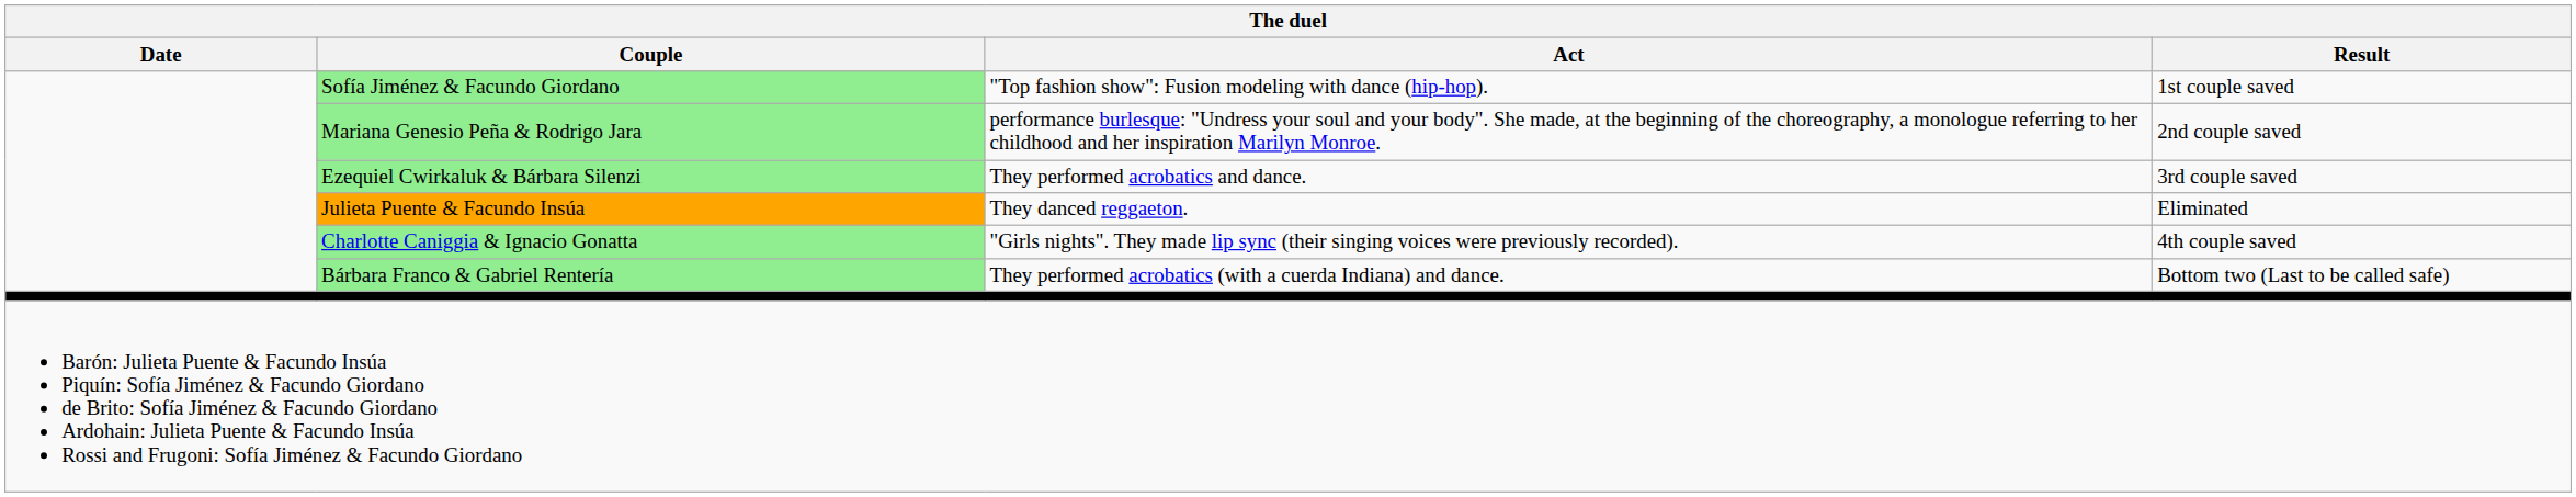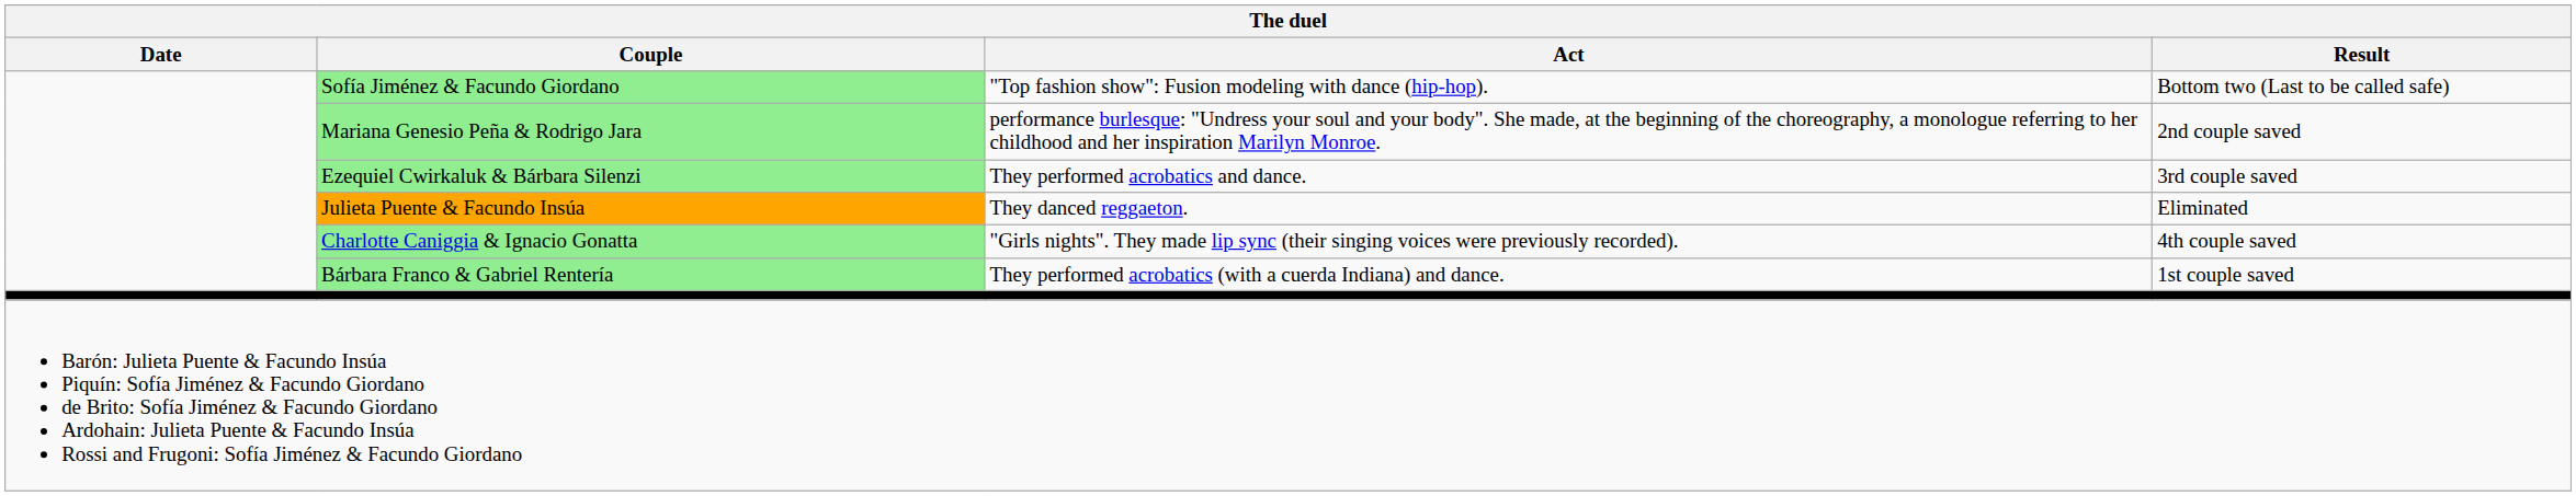 <table class="wikitable collapsible collapsed" style="text-align: align; width: 100%">
 <tr>
 <th colspan="11" style="with: 100%" align="center">The duel</th>
 </tr>
 <tr>
 <th width=80>Date</th>
 <th width=180>Couple</th>
 <th width=320>Act</th>
 <th width=110>Result</th>
 </tr>
 <tr>
 <td rowspan="6"></td>
 <td bgcolor="lightgreen">Sofía Jiménez & Facundo Giordano</td>
 <td>"Top fashion show": Fusion modeling with dance (<a href='#'>hip-hop</a>).<br></td>
-<td>1st couple saved</td>
+<td>Bottom two (Last to be called safe)</td>
 </tr>
 <tr>
 <td bgcolor="lightgreen">Mariana Genesio Peña & Rodrigo Jara</td>
 <td>performance <a href='#'>burlesque</a>: "Undress your soul and your body". She made, at the beginning of the choreography, a monologue referring to her childhood and her inspiration <a href='#'>Marilyn Monroe</a>.<br></td>
 <td>2nd couple saved</td>
 </tr>
 <tr>
 <td bgcolor="lightgreen">Ezequiel Cwirkaluk & Bárbara Silenzi</td>
 <td>They performed <a href='#'>acrobatics</a> and dance.<br></td>
 <td>3rd couple saved</td>
 </tr>
 <tr>
 <td bgcolor="orange">Julieta Puente & Facundo Insúa</td>
 <td>They danced <a href='#'>reggaeton</a>.<br></td>
 <td>Eliminated</td>
 </tr>
 <tr>
 <td bgcolor="lightgreen"><a href='#'>Charlotte Caniggia</a> & Ignacio Gonatta</td>
 <td>"Girls nights". They made <a href='#'>lip sync</a> (their singing voices were previously recorded).<br></td>
 <td>4th couple saved</td>
 </tr>
 <tr>
 <td bgcolor="lightgreen">Bárbara Franco & Gabriel Rentería</td>
 <td>They performed <a href='#'>acrobatics</a> (with a cuerda Indiana) and dance.<br></td>
-<td>Bottom two (Last to be called safe)</td>
+<td>1st couple saved</td>
 </tr>
 <tr>
 <th style="background:black" colspan="4"></th>
 </tr>
 <tr>
 <td colspan="4"><br><ul><li>Barón: Julieta Puente & Facundo Insúa</li><li>Piquín: Sofía Jiménez & Facundo Giordano</li><li>de Brito: Sofía Jiménez & Facundo Giordano</li><li>Ardohain: Julieta Puente & Facundo Insúa</li><li>Rossi and Frugoni: Sofía Jiménez & Facundo Giordano</li></ul></td>
 </tr>
 </table>
